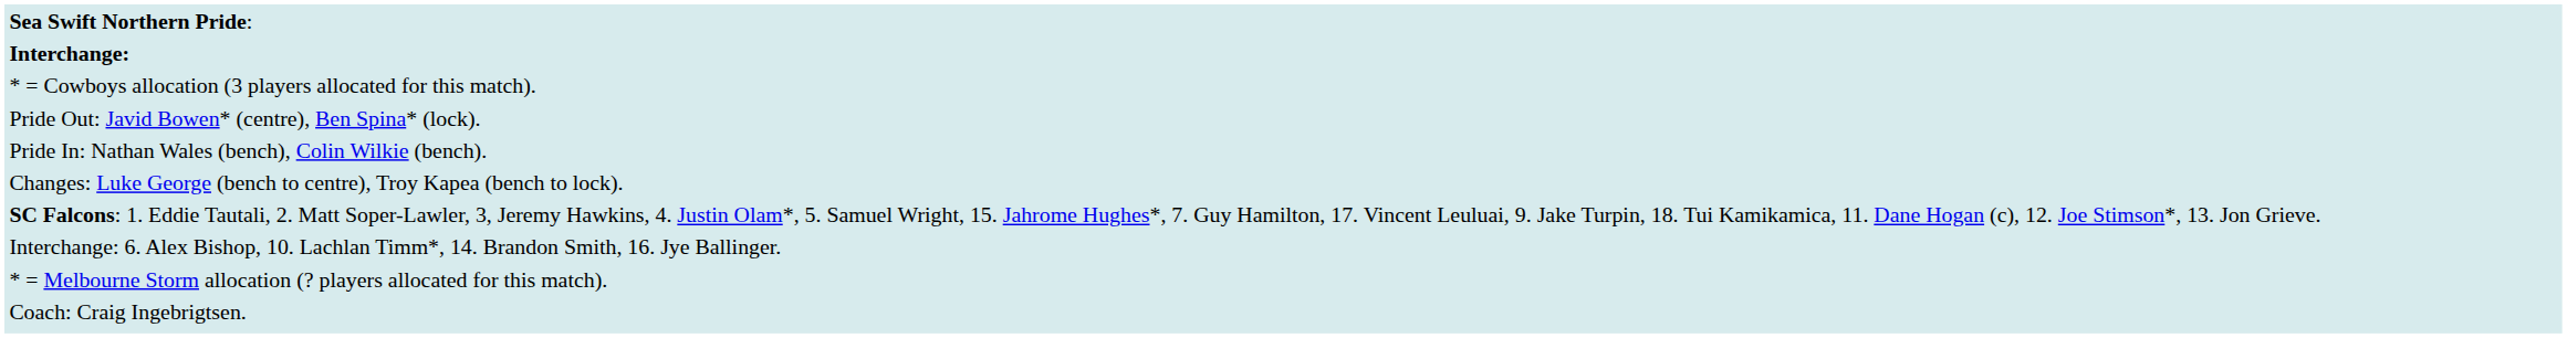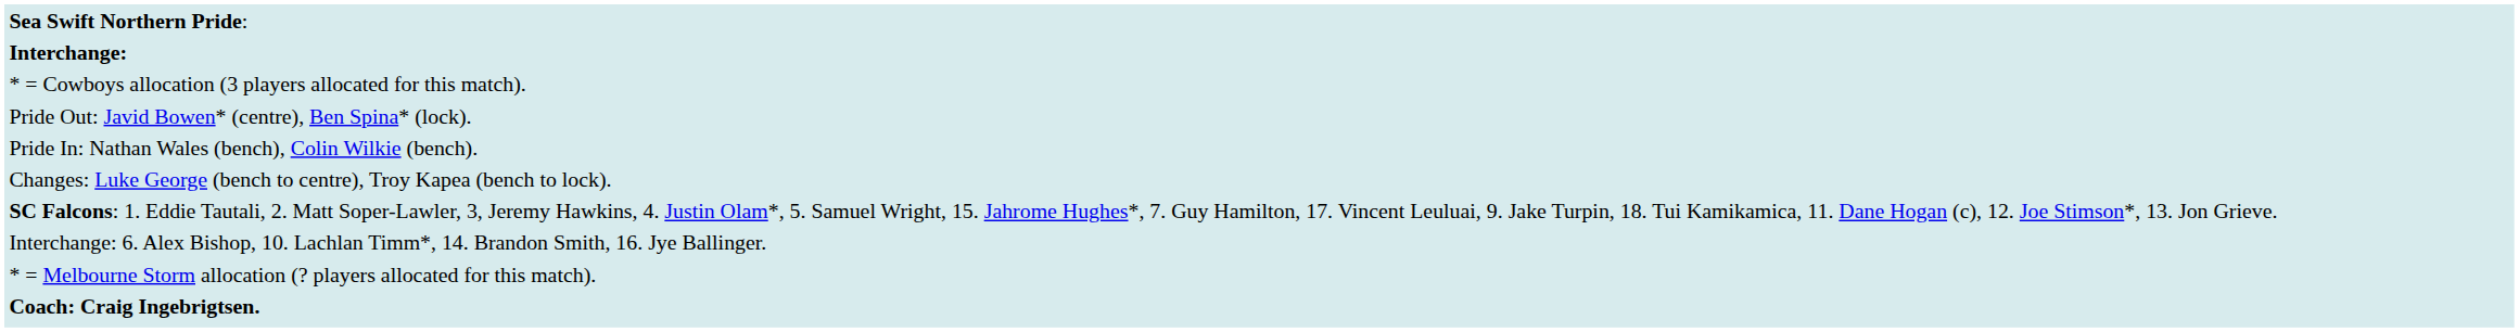 <table style="background:#d7ebed; font-size:85%; width:100%;">
 <tr>
 <td><strong>Sea Swift Northern Pride</strong>:             </td>
 </tr>
 <tr>
 <td><strong>Interchange:    </strong></td>
 </tr>
 <tr>
 <td>* = Cowboys allocation (3 players allocated for this match).</td>
 </tr>
 <tr>
 <td>Pride Out: <a href='#'>Javid Bowen</a>* (centre), <a href='#'>Ben Spina</a>* (lock).</td>
 </tr>
 <tr>
 <td>Pride In: Nathan Wales (bench), <a href='#'>Colin Wilkie</a> (bench).</td>
 </tr>
 <tr>
 <td>Changes: <a href='#'>Luke George</a> (bench to centre), Troy Kapea (bench to lock).</td>
 </tr>
 <tr>
 <td><strong>SC Falcons</strong>: 1. Eddie Tautali, 2. Matt Soper-Lawler, 3, Jeremy Hawkins, 4. <a href='#'>Justin Olam</a>*, 5. Samuel Wright, 15. <a href='#'>Jahrome Hughes</a>*, 7. Guy Hamilton, 17. Vincent Leuluai, 9. Jake Turpin, 18. Tui Kamikamica, 11. <a href='#'>Dane Hogan</a> (c), 12. <a href='#'>Joe Stimson</a>*, 13. Jon Grieve.</td>
 </tr>
 <tr>
 <td>Interchange: 6. Alex Bishop, 10. Lachlan Timm*, 14. Brandon Smith, 16. Jye Ballinger.</td>
 </tr>
 <tr>
 <td>* = <a href='#'>Melbourne Storm</a> allocation (? players allocated for this match).</td>
 </tr>
 <tr>
-<td>Coach: Craig Ingebrigtsen.</td>
+<td><strong>Coach: Craig Ingebrigtsen.</strong></td>
 </tr>
 <tr>
 </tr>
 </table>
